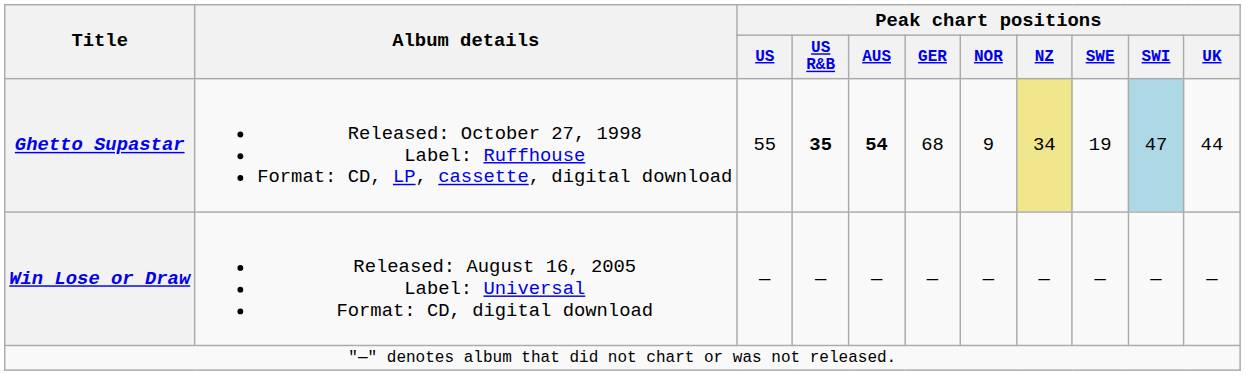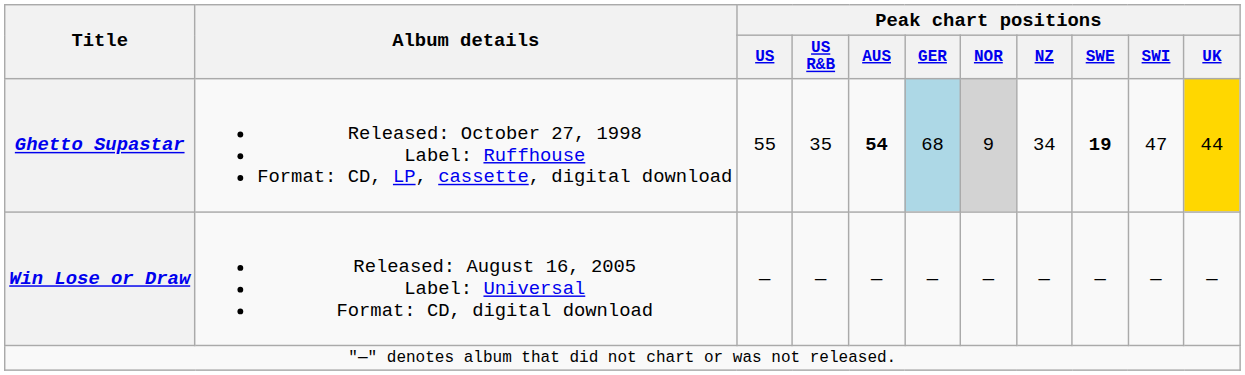 <table class="wikitable plainrowheaders" style="text-align:center;">
 <tr>
 <th scope="col" rowspan="2">Title</th>
 <th scope="col" rowspan="2">Album details</th>
 <th scope="col" colspan="9">Peak chart positions</th>
 </tr>
 <tr>
 <th scope="col" style="width:3em;font-size:85%;"><a href='#'>US</a><br></th>
 <th scope="col" style="width:3em;font-size:85%;"><a href='#'>US<br>R&B</a><br></th>
 <th scope="col" style="width:3em;font-size:85%;"><a href='#'>AUS</a><br></th>
 <th scope="col" style="width:3em;font-size:85%;"><a href='#'>GER</a><br></th>
 <th scope="col" style="width:3em;font-size:85%;"><a href='#'>NOR</a><br></th>
 <th scope="col" style="width:3em;font-size:85%;"><a href='#'>NZ</a><br></th>
 <th scope="col" style="width:3em;font-size:85%;"><a href='#'>SWE</a><br></th>
 <th scope="col" style="width:3em;font-size:85%;"><a href='#'>SWI</a><br></th>
 <th scope="col" style="width:3em;font-size:85%;"><a href='#'>UK</a><br></th>
 </tr>
 <tr>
 <th scope="row"><em><a href='#'>Ghetto Supastar</a></em></th>
 <td><br><ul><li>Released: October 27, 1998</li><li>Label: <a href='#'>Ruffhouse</a></li><li>Format: CD, <a href='#'>LP</a>, <a href='#'>cassette</a>, digital download</li></ul></td>
 <td>55</td>
-<td><strong>35</strong></td>
+<td>35</td>
 <td><strong>54</strong></td>
-<td>68</td>
-<td>9</td>
-<td style="background: khaki;">34</td>
-<td>19</td>
-<td style="background: lightblue;">47</td>
-<td>44</td>
+<td style="background: lightblue;">68</td>
+<td style="background: lightgrey;">9</td>
+<td>34</td>
+<td><strong>19</strong></td>
+<td>47</td>
+<td style="background: gold;">44</td>
 </tr>
 <tr>
 <th scope="row"><em><a href='#'>Win Lose or Draw</a></em></th>
 <td><br><ul><li>Released: August 16, 2005</li><li>Label: <a href='#'>Universal</a></li><li>Format: CD, digital download</li></ul></td>
 <td>—</td>
 <td>—</td>
 <td>—</td>
 <td>—</td>
 <td>—</td>
 <td>—</td>
 <td>—</td>
 <td>—</td>
 <td>—</td>
 </tr>
 <tr>
 <td colspan="14" style="font-size:85%">"—" denotes album that did not chart or was not released.</td>
 </tr>
 </table>
